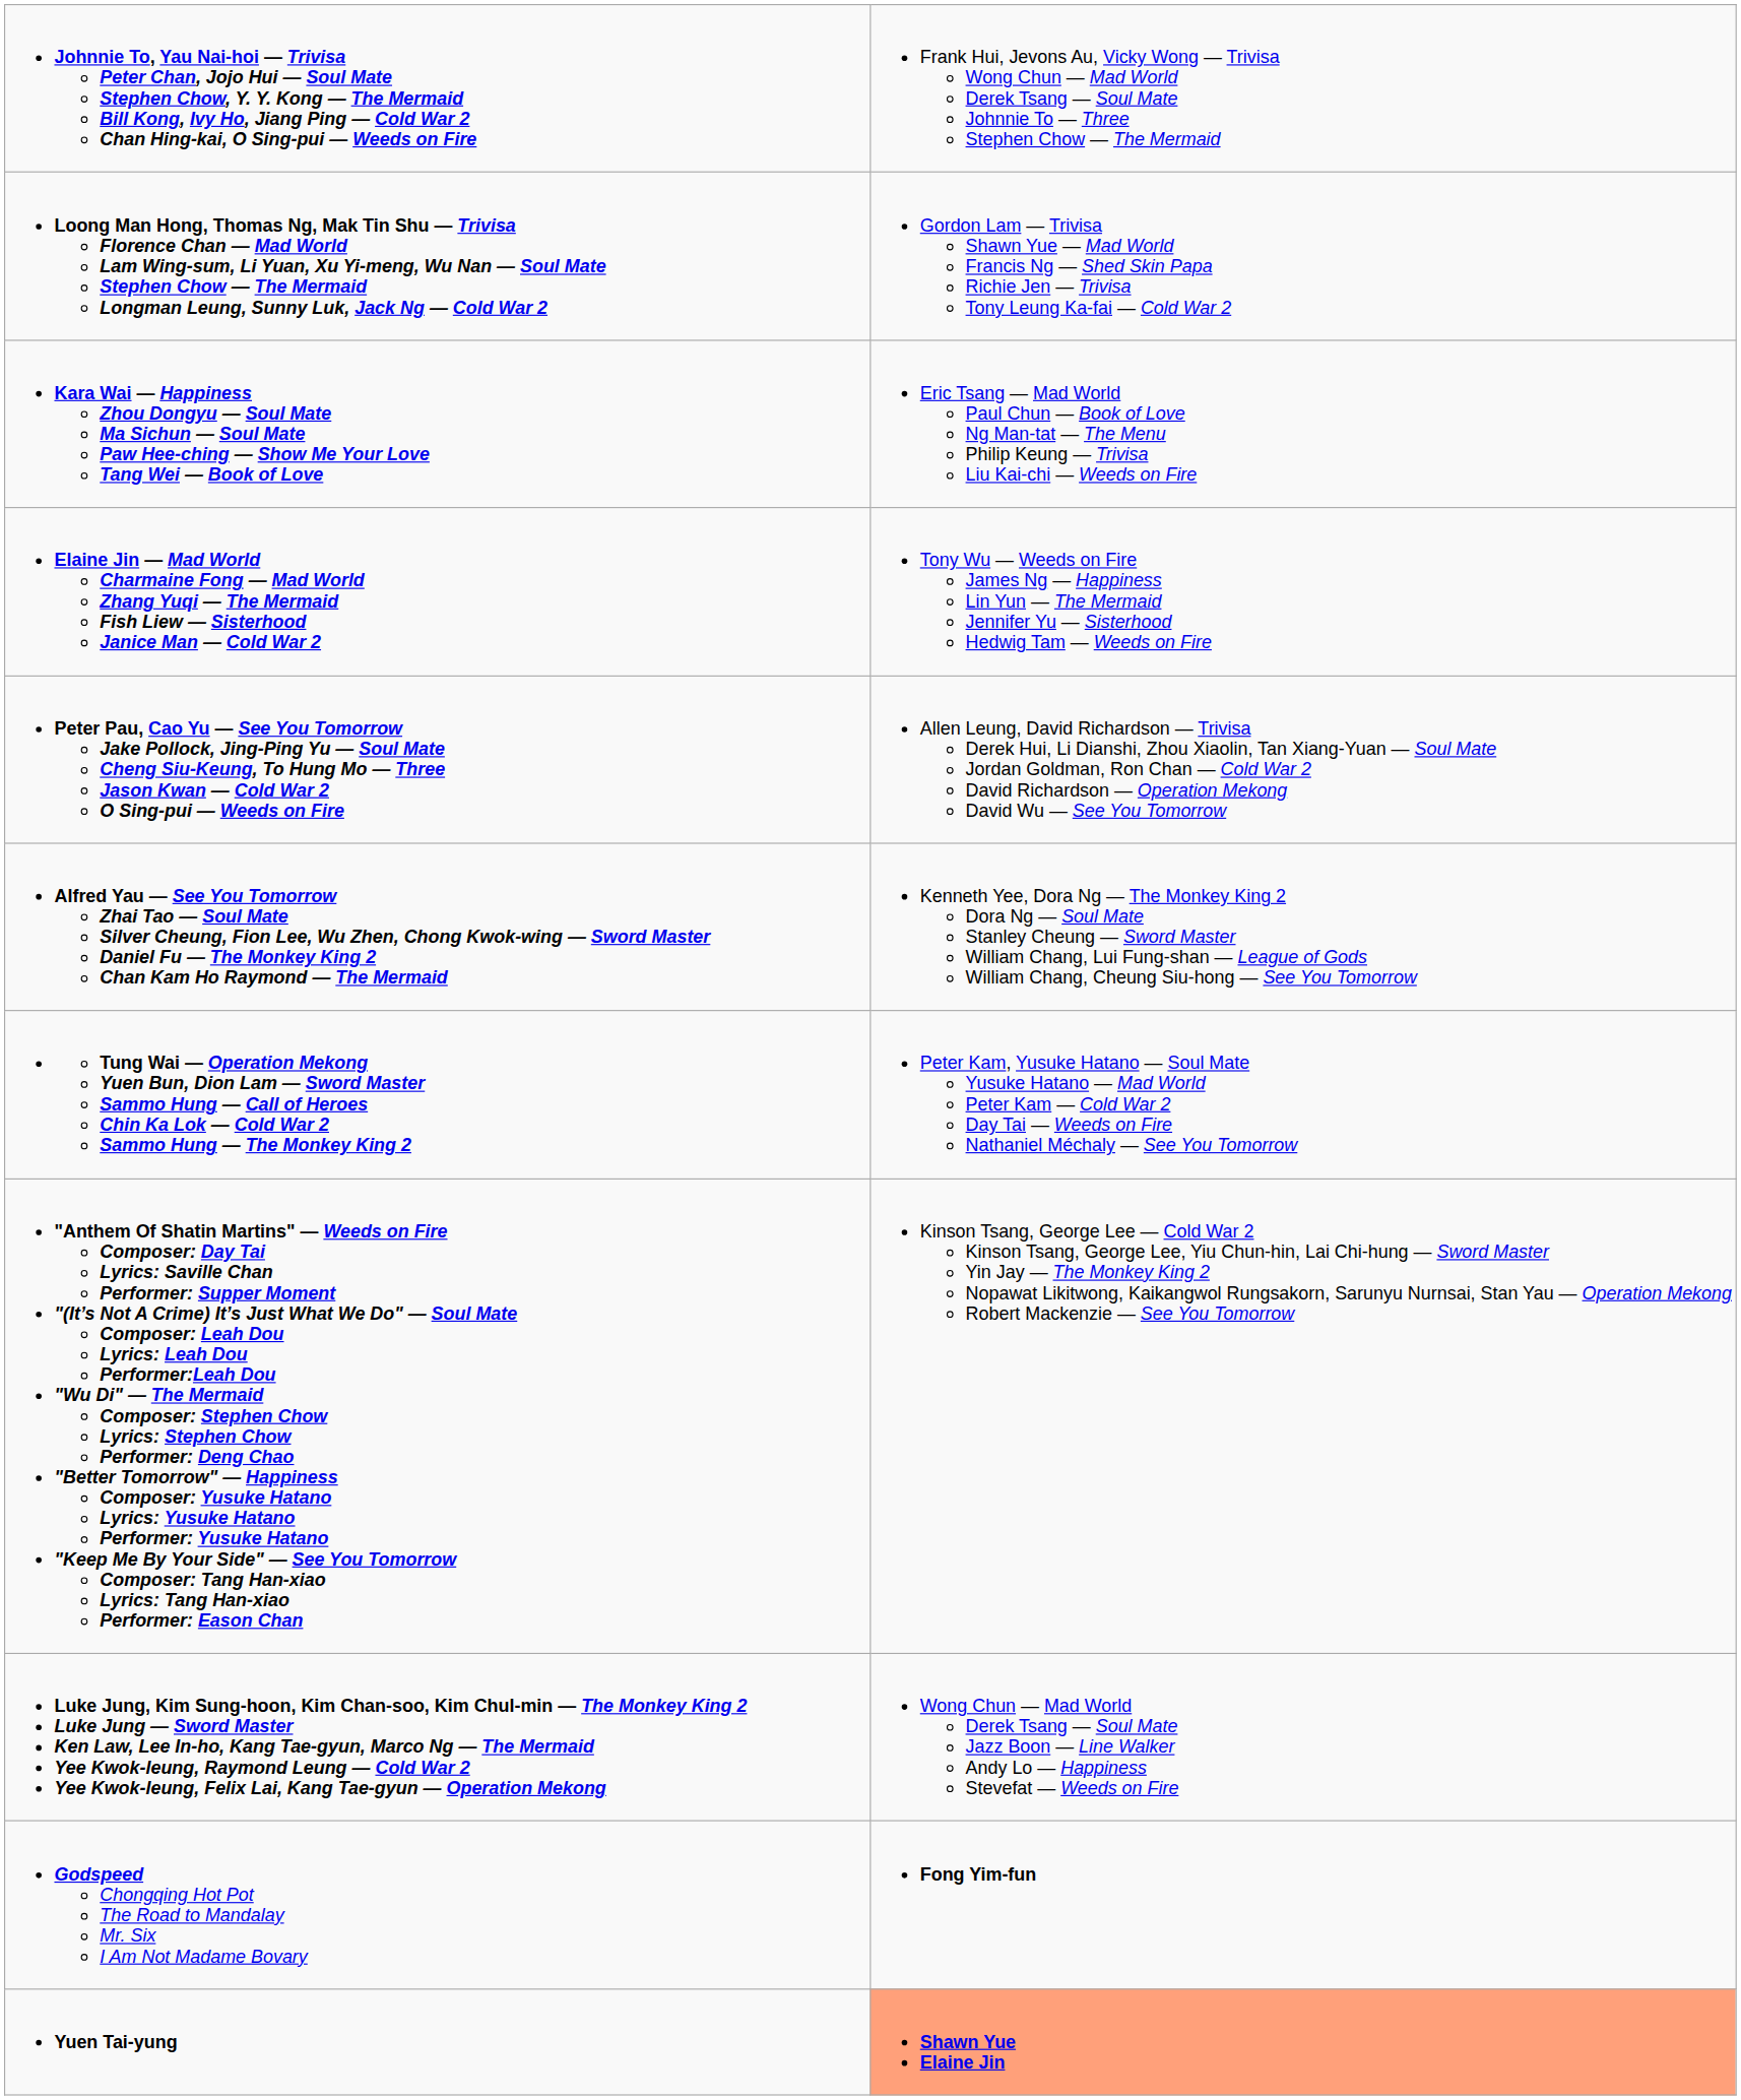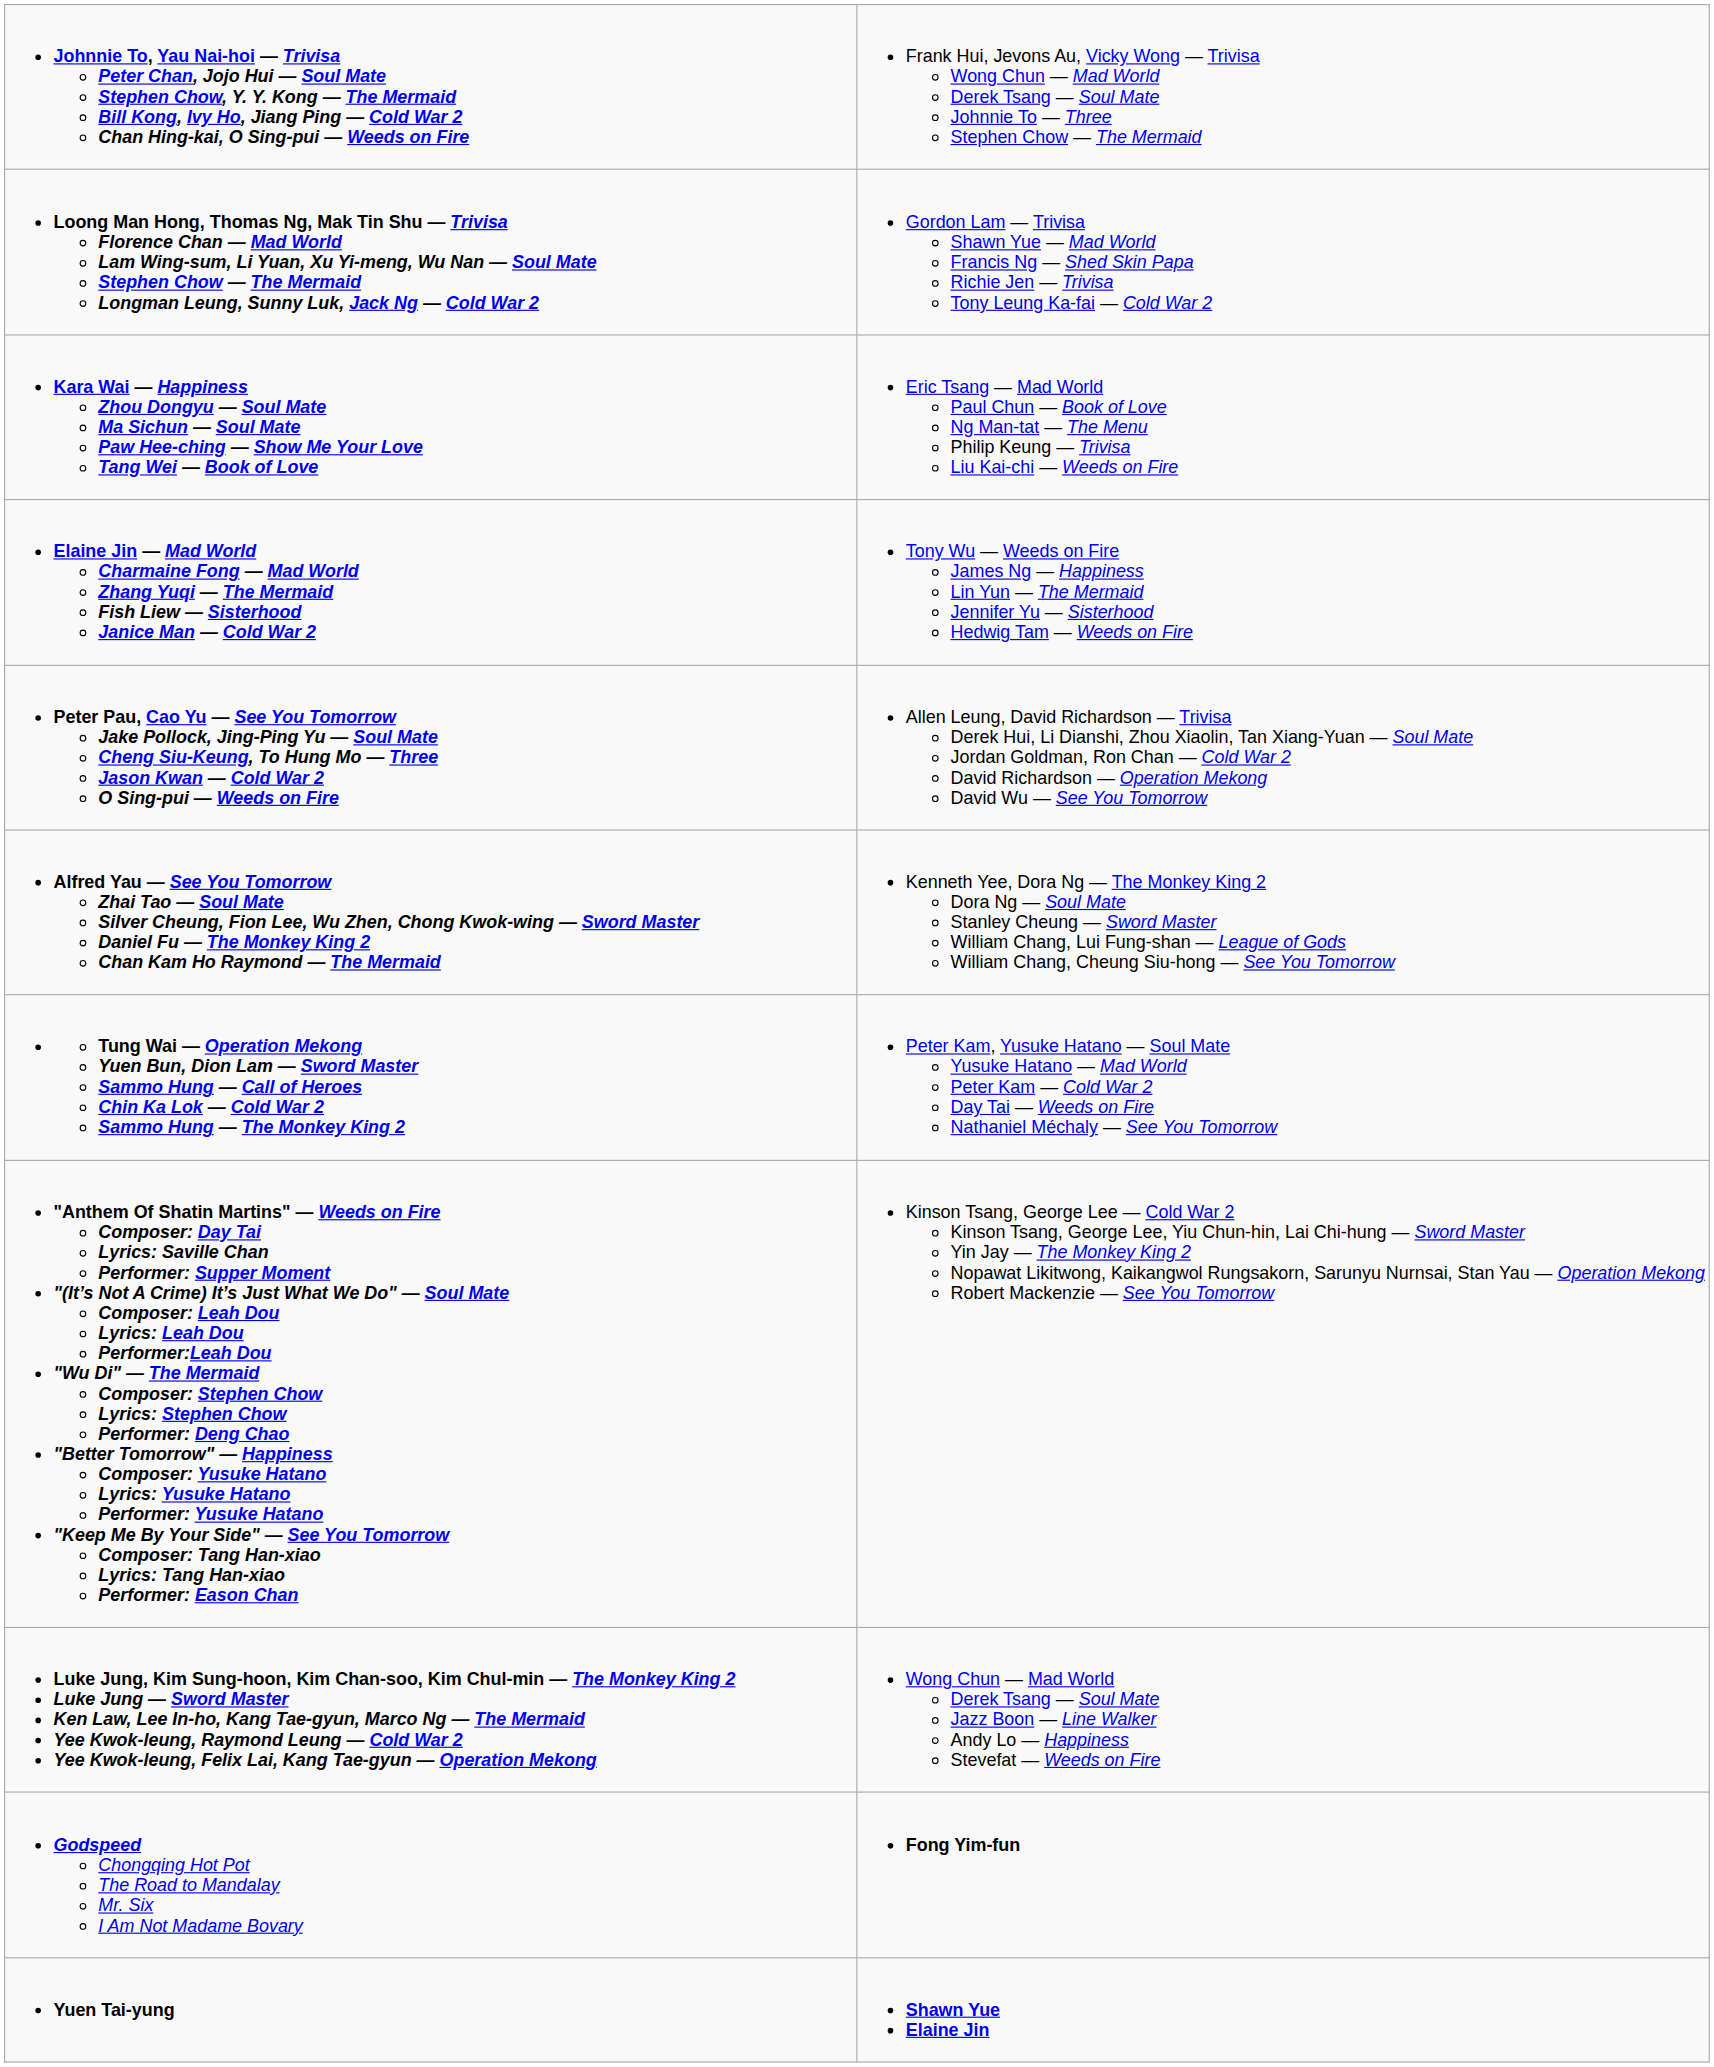 <table class=wikitable>
 <tr>
 <td valign="top" width="50%"><br><ul><li><strong><a href='#'>Johnnie To</a>, <a href='#'>Yau Nai-hoi</a> — <em><a href='#'>Trivisa</a><strong><em><ul><li><a href='#'>Peter Chan</a>, Jojo Hui — </em><a href='#'>Soul Mate</a><em></li><li><a href='#'>Stephen Chow</a>, Y. Y. Kong — </em><a href='#'>The Mermaid</a><em></li><li><a href='#'>Bill Kong</a>, <a href='#'>Ivy Ho</a>, Jiang Ping — </em><a href='#'>Cold War 2</a><em></li><li>Chan Hing-kai, O Sing-pui — </em><a href='#'>Weeds on Fire</a><em></li></ul></li></ul></td>
 <td valign="top" width="50%"><br><ul><li></strong>Frank Hui, Jevons Au, <a href='#'>Vicky Wong</a> — </em><a href='#'>Trivisa</a></em></strong><ul><li><a href='#'>Wong Chun</a> — <em><a href='#'>Mad World</a></em></li><li><a href='#'>Derek Tsang</a> — <em><a href='#'>Soul Mate</a></em></li><li><a href='#'>Johnnie To</a> — <em><a href='#'>Three</a></em></li><li><a href='#'>Stephen Chow</a> — <em><a href='#'>The Mermaid</a></em></li></ul></li></ul></td>
 </tr>
 <tr>
 <td valign="top" width="50%"><br><ul><li><strong>Loong Man Hong, Thomas Ng, Mak Tin Shu — <em><a href='#'>Trivisa</a><strong><em><ul><li>Florence Chan — </em><a href='#'>Mad World</a><em></li><li>Lam Wing-sum, Li Yuan, Xu Yi-meng, Wu Nan — </em><a href='#'>Soul Mate</a><em></li><li><a href='#'>Stephen Chow</a> — </em><a href='#'>The Mermaid</a><em></li><li>Longman Leung, Sunny Luk, <a href='#'>Jack Ng</a> — </em><a href='#'>Cold War 2</a><em></li></ul></li></ul></td>
 <td valign="top" width="50%"><br><ul><li></strong><a href='#'>Gordon Lam</a> — </em><a href='#'>Trivisa</a></em></strong><ul><li><a href='#'>Shawn Yue</a> — <em><a href='#'>Mad World</a></em></li><li><a href='#'>Francis Ng</a> — <em><a href='#'>Shed Skin Papa</a></em></li><li><a href='#'>Richie Jen</a> — <em><a href='#'>Trivisa</a></em></li><li><a href='#'>Tony Leung Ka-fai</a> — <em><a href='#'>Cold War 2</a></em></li></ul></li></ul></td>
 </tr>
 <tr>
 <td valign="top" width="50%"><br><ul><li><strong><a href='#'>Kara Wai</a> — <em><a href='#'>Happiness</a><strong><em><ul><li><a href='#'>Zhou Dongyu</a> — </em><a href='#'>Soul Mate</a><em></li><li><a href='#'>Ma Sichun</a> — </em><a href='#'>Soul Mate</a><em></li><li><a href='#'>Paw Hee-ching</a> — </em><a href='#'>Show Me Your Love</a><em></li><li><a href='#'>Tang Wei</a> — </em><a href='#'>Book of Love</a><em></li></ul></li></ul></td>
 <td valign="top" width="50%"><br><ul><li></strong><a href='#'>Eric Tsang</a> — </em><a href='#'>Mad World</a></em></strong><ul><li><a href='#'>Paul Chun</a> — <em><a href='#'>Book of Love</a></em></li><li><a href='#'>Ng Man-tat</a> — <em><a href='#'>The Menu</a></em></li><li>Philip Keung — <em><a href='#'>Trivisa</a></em></li><li><a href='#'>Liu Kai-chi</a> — <em><a href='#'>Weeds on Fire</a></em></li></ul></li></ul></td>
 </tr>
 <tr>
 <td valign="top" width="50%"><br><ul><li><strong><a href='#'>Elaine Jin</a> — <em><a href='#'>Mad World</a><strong><em><ul><li><a href='#'>Charmaine Fong</a> — </em><a href='#'>Mad World</a><em></li><li><a href='#'>Zhang Yuqi</a> — </em><a href='#'>The Mermaid</a><em></li><li>Fish Liew — </em><a href='#'>Sisterhood</a><em></li><li><a href='#'>Janice Man</a> — </em><a href='#'>Cold War 2</a><em></li></ul></li></ul></td>
 <td valign="top" width="50%"><br><ul><li></strong><a href='#'>Tony Wu</a> —  </em><a href='#'>Weeds on Fire</a></em></strong><ul><li><a href='#'>James Ng</a> — <em><a href='#'>Happiness</a></em></li><li><a href='#'>Lin Yun</a> — <em><a href='#'>The Mermaid</a></em></li><li><a href='#'>Jennifer Yu</a> — <em><a href='#'>Sisterhood</a></em></li><li><a href='#'>Hedwig Tam</a> — <em><a href='#'>Weeds on Fire</a></em></li></ul></li></ul></td>
 </tr>
 <tr>
 <td valign="top" width="50%"><br><ul><li><strong>Peter Pau, <a href='#'>Cao Yu</a>  — <em><a href='#'>See You Tomorrow</a><strong><em><ul><li>Jake Pollock, Jing-Ping Yu — </em><a href='#'>Soul Mate</a><em></li><li><a href='#'>Cheng Siu-Keung</a>, To Hung Mo — </em><a href='#'>Three</a><em></li><li><a href='#'>Jason Kwan</a> — </em><a href='#'>Cold War 2</a><em></li><li>O Sing-pui —  </em><a href='#'>Weeds on Fire</a><em></li></ul></li></ul></td>
 <td valign="top" width="50%"><br><ul><li></strong>Allen Leung, David Richardson — </em><a href='#'>Trivisa</a></em></strong><ul><li>Derek Hui, Li Dianshi, Zhou Xiaolin, Tan Xiang-Yuan — <em><a href='#'>Soul Mate</a></em></li><li>Jordan Goldman, Ron Chan — <em><a href='#'>Cold War 2</a></em></li><li>David Richardson — <em><a href='#'>Operation Mekong</a></em></li><li>David Wu — <em><a href='#'>See You Tomorrow</a></em></li></ul></li></ul></td>
 </tr>
 <tr>
 <td valign="top" width="50%"><br><ul><li><strong>Alfred Yau — <em><a href='#'>See You Tomorrow</a><strong><em><ul><li>Zhai Tao — </em><a href='#'>Soul Mate</a><em></li><li>Silver Cheung, Fion Lee, Wu Zhen, Chong Kwok-wing — </em><a href='#'>Sword Master</a><em></li><li>Daniel Fu — </em><a href='#'>The Monkey King 2</a><em></li><li>Chan Kam Ho Raymond — </em><a href='#'>The Mermaid</a><em></li></ul></li></ul></td>
 <td valign="top" width="50%"><br><ul><li></strong>Kenneth Yee, Dora Ng — </em><a href='#'>The Monkey King 2</a></em></strong><ul><li>Dora Ng — <em><a href='#'>Soul Mate</a></em></li><li>Stanley Cheung — <em><a href='#'>Sword Master</a></em></li><li>William Chang, Lui Fung-shan — <em><a href='#'>League of Gods</a></em></li><li>William Chang, Cheung Siu-hong — <em><a href='#'>See You Tomorrow</a></em></li></ul></li></ul></td>
 </tr>
 <tr>
 <td valign="top" width="50%"><br><ul><li><ul><li><strong>Tung Wai — <em><a href='#'>Operation Mekong</a><strong><em></li><li>Yuen Bun, Dion Lam —  </em><a href='#'>Sword Master</a><em></li><li><a href='#'>Sammo Hung</a> — </em><a href='#'>Call of Heroes</a><em></li><li><a href='#'>Chin Ka Lok</a> — </em><a href='#'>Cold War 2</a><em></li><li><a href='#'>Sammo Hung</a> — </em><a href='#'>The Monkey King 2</a><em></li></ul></li></ul></td>
 <td valign="top" width="50%"><br><ul><li></strong><a href='#'>Peter Kam</a>, <a href='#'>Yusuke Hatano</a> — </em><a href='#'>Soul Mate</a></em></strong><ul><li><a href='#'>Yusuke Hatano</a> — <em><a href='#'>Mad World</a></em></li><li><a href='#'>Peter Kam</a> — <em><a href='#'>Cold War 2</a></em></li><li><a href='#'>Day Tai</a> — <em><a href='#'>Weeds on Fire</a></em></li><li><a href='#'>Nathaniel Méchaly</a> — <em><a href='#'>See You Tomorrow</a></em></li></ul></li></ul></td>
 </tr>
 <tr>
 <td valign="top" width="50%"><br><ul><li><strong>"Anthem Of Shatin Martins" — <em><a href='#'>Weeds on Fire</a><strong><em><ul><li>Composer: <a href='#'>Day Tai</a></li><li>Lyrics: Saville Chan</li><li>Performer: <a href='#'>Supper Moment</a></li></ul></li><li>"(It’s Not A Crime) It’s Just What We Do" — </em><a href='#'>Soul Mate</a><em><ul><li>Composer: <a href='#'>Leah Dou</a></li><li>Lyrics: <a href='#'>Leah Dou</a></li><li>Performer:<a href='#'>Leah Dou</a></li></ul></li><li>"Wu Di" — </em><a href='#'>The Mermaid</a><em><ul><li>Composer: <a href='#'>Stephen Chow</a></li><li>Lyrics: <a href='#'>Stephen Chow</a></li><li>Performer: <a href='#'>Deng Chao</a></li></ul></li><li>"Better Tomorrow" — </em><a href='#'>Happiness</a><em><ul><li>Composer: <a href='#'>Yusuke Hatano</a></li><li>Lyrics: <a href='#'>Yusuke Hatano</a></li><li>Performer: <a href='#'>Yusuke Hatano</a></li></ul></li><li>"Keep Me By Your Side" — </em><a href='#'>See You Tomorrow</a><em><ul><li>Composer: Tang Han-xiao</li><li>Lyrics: Tang Han-xiao</li><li>Performer: <a href='#'>Eason Chan</a></li></ul></li></ul></td>
 <td valign="top" width="50%"><br><ul><li></strong>Kinson Tsang, George Lee — </em><a href='#'>Cold War 2</a></em></strong><ul><li>Kinson Tsang, George Lee, Yiu Chun-hin, Lai Chi-hung — <em><a href='#'>Sword Master</a></em></li><li>Yin Jay — <em><a href='#'>The Monkey King 2</a></em></li><li>Nopawat Likitwong, Kaikangwol Rungsakorn, Sarunyu Nurnsai, Stan Yau — <em><a href='#'>Operation Mekong</a></em></li><li>Robert Mackenzie — <em><a href='#'>See You Tomorrow</a></em></li></ul></li></ul></td>
 </tr>
 <tr>
 <td valign="top" width="50%"><br><ul><li><strong>Luke Jung, Kim Sung-hoon, Kim Chan-soo, Kim Chul-min — <em><a href='#'>The Monkey King 2</a><strong><em></li><li>Luke Jung — </em><a href='#'>Sword Master</a><em></li><li>Ken Law, Lee In-ho, Kang Tae-gyun, Marco Ng — </em><a href='#'>The Mermaid</a><em></li><li>Yee Kwok-leung, Raymond Leung — </em><a href='#'>Cold War 2</a><em></li><li>Yee Kwok-leung, Felix Lai, Kang Tae-gyun — </em><a href='#'>Operation Mekong</a><em></li></ul></td>
 <td valign="top" width="50%"><br><ul><li></strong><a href='#'>Wong Chun</a> — </em><a href='#'>Mad World</a></em></strong><ul><li><a href='#'>Derek Tsang</a> — <em><a href='#'>Soul Mate</a></em></li><li><a href='#'>Jazz Boon</a> — <em><a href='#'>Line Walker</a></em></li><li>Andy Lo — <em><a href='#'>Happiness</a></em></li><li>Stevefat — <em><a href='#'>Weeds on Fire</a></em></li></ul></li></ul></td>
 </tr>
 <tr>
 <td valign="top" width="50%"><br><ul><li><strong><em><a href='#'>Godspeed</a></em></strong>  <ul><li><em><a href='#'>Chongqing Hot Pot</a></em> </li><li><em><a href='#'>The Road to Mandalay</a></em> </li><li><em><a href='#'>Mr. Six</a></em> </li><li><em><a href='#'>I Am Not Madame Bovary</a></em> </li></ul></li></ul></td>
 <td valign="top" width="50%"><br><ul><li><strong>Fong Yim-fun</strong></li></ul></td>
 </tr>
 <tr>
 <td valign="top" width="50%"><br><ul><li><strong>Yuen Tai-yung</strong></li></ul></td>
-<td valign="top" width="50%" style="background: lightsalmon;"><br><ul><li><strong><a href='#'>Shawn Yue</a></strong></li><li><strong><a href='#'>Elaine Jin</a></strong></li></ul></td>
+<td valign="top" width="50%"><br><ul><li><strong><a href='#'>Shawn Yue</a></strong></li><li><strong><a href='#'>Elaine Jin</a></strong></li></ul></td>
 </tr>
 </table>
